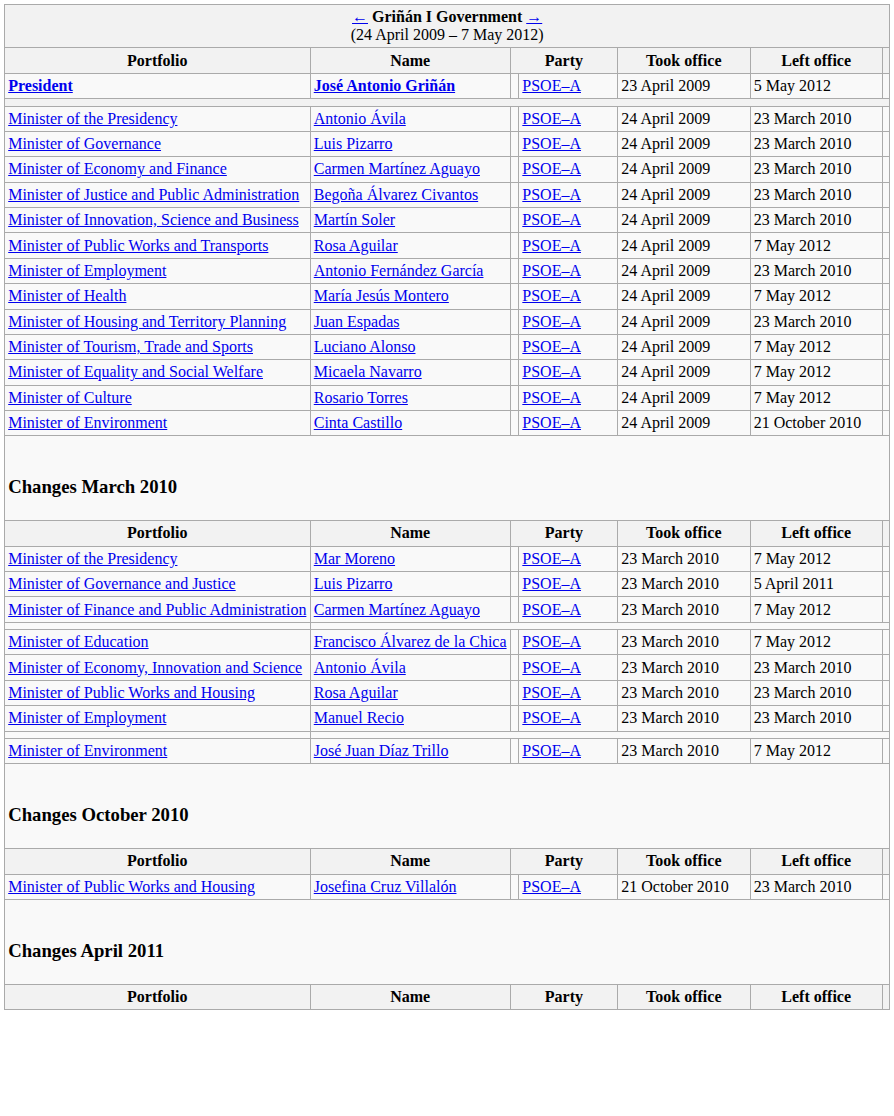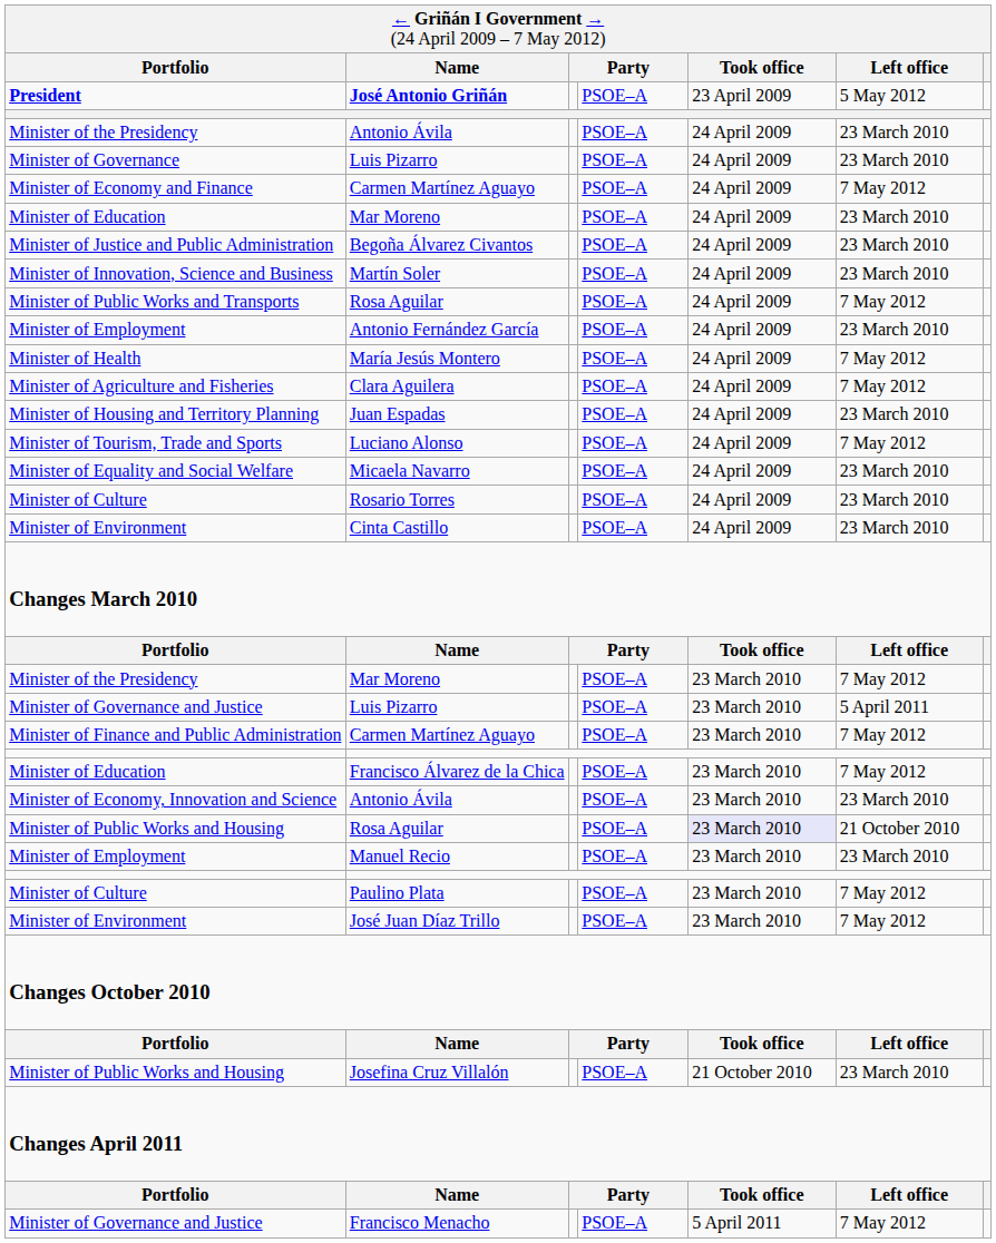 <table class="wikitable">
 <tr>
 <td colspan="7" bgcolor="#F2F2F2" align="center"><a href='#'>←</a> <strong>Griñán I Government</strong> <a href='#'>→</a><br>(24 April 2009 – 7 May 2012)</td>
 </tr>
 <tr>
 <th>Portfolio</th>
 <th>Name</th>
 <th width="100px" colspan="2">Party</th>
 <th width="125px">Took office</th>
 <th width="125px">Left office</th>
 <th></th>
 </tr>
 <tr>
 <td><strong><a href='#'>President</a></strong></td>
 <td><strong><a href='#'>José Antonio Griñán</a></strong></td>
 <td width="1" style="background-color:"></td>
 <td><a href='#'>PSOE–A</a></td>
 <td>23 April 2009</td>
 <td>5 May 2012</td>
 <td align="center"></td>
 </tr>
 <tr>
 <th colspan="7"></th>
 </tr>
 <tr>
 <td><a href='#'>Minister of the Presidency</a></td>
 <td><a href='#'>Antonio Ávila</a></td>
 <td style="background-color:"></td>
 <td><a href='#'>PSOE–A</a></td>
 <td>24 April 2009</td>
 <td>23 March 2010</td>
 <td align="center"></td>
 </tr>
 <tr>
 <td><a href='#'>Minister of Governance</a></td>
 <td><a href='#'>Luis Pizarro</a></td>
 <td style="background-color:"></td>
 <td><a href='#'>PSOE–A</a></td>
 <td>24 April 2009</td>
 <td>23 March 2010</td>
 <td align="center"></td>
 </tr>
 <tr>
 <td><a href='#'>Minister of Economy and Finance</a></td>
 <td><a href='#'>Carmen Martínez Aguayo</a></td>
+<td style="background-color:"></td>
+<td><a href='#'>PSOE–A</a></td>
+<td>24 April 2009</td>
+<td>7 May 2012</td>
+<td align="center"></td>
+</tr>
+<tr>
+<td><a href='#'>Minister of Education</a></td>
+<td><a href='#'>Mar Moreno</a></td>
 <td style="background-color:"></td>
 <td><a href='#'>PSOE–A</a></td>
 <td>24 April 2009</td>
 <td>23 March 2010</td>
 <td align="center"></td>
 </tr>
 <tr>
 <td><a href='#'>Minister of Justice and Public Administration</a></td>
 <td><a href='#'>Begoña Álvarez Civantos</a></td>
 <td style="background-color:"></td>
 <td><a href='#'>PSOE–A</a></td>
 <td>24 April 2009</td>
 <td>23 March 2010</td>
 <td align="center"></td>
 </tr>
 <tr>
 <td><a href='#'>Minister of Innovation, Science and Business</a></td>
 <td><a href='#'>Martín Soler</a></td>
 <td style="background-color:"></td>
 <td><a href='#'>PSOE–A</a></td>
 <td>24 April 2009</td>
 <td>23 March 2010</td>
 <td align="center"></td>
 </tr>
 <tr>
 <td><a href='#'>Minister of Public Works and Transports</a></td>
 <td><a href='#'>Rosa Aguilar</a></td>
 <td style="background-color:"></td>
 <td><a href='#'>PSOE–A</a> </td>
 <td>24 April 2009</td>
 <td>7 May 2012</td>
 <td align="center"></td>
 </tr>
 <tr>
 <td><a href='#'>Minister of Employment</a></td>
 <td><a href='#'>Antonio Fernández García</a></td>
 <td style="background-color:"></td>
 <td><a href='#'>PSOE–A</a></td>
 <td>24 April 2009</td>
 <td>23 March 2010</td>
 <td align="center"></td>
 </tr>
 <tr>
 <td><a href='#'>Minister of Health</a></td>
 <td><a href='#'>María Jesús Montero</a></td>
 <td style="background-color:"></td>
 <td><a href='#'>PSOE–A</a></td>
 <td>24 April 2009</td>
 <td>7 May 2012</td>
 <td align="center"></td>
 </tr>
 <tr>
+<td><a href='#'>Minister of Agriculture and Fisheries</a></td>
+<td><a href='#'>Clara Aguilera</a></td>
+<td style="background-color:"></td>
+<td><a href='#'>PSOE–A</a></td>
+<td>24 April 2009</td>
+<td>7 May 2012</td>
+<td align="center"></td>
+</tr>
+<tr>
 <td><a href='#'>Minister of Housing and Territory Planning</a></td>
 <td><a href='#'>Juan Espadas</a></td>
 <td style="background-color:"></td>
 <td><a href='#'>PSOE–A</a></td>
 <td>24 April 2009</td>
 <td>23 March 2010</td>
 <td align="center"></td>
 </tr>
 <tr>
 <td><a href='#'>Minister of Tourism, Trade and Sports</a></td>
 <td><a href='#'>Luciano Alonso</a></td>
 <td style="background-color:"></td>
 <td><a href='#'>PSOE–A</a></td>
 <td>24 April 2009</td>
 <td>7 May 2012</td>
 <td align="center"></td>
 </tr>
 <tr>
 <td><a href='#'>Minister of Equality and Social Welfare</a></td>
 <td><a href='#'>Micaela Navarro</a></td>
 <td style="background-color:"></td>
 <td><a href='#'>PSOE–A</a></td>
 <td>24 April 2009</td>
-<td>7 May 2012</td>
+<td>23 March 2010</td>
 <td align="center"></td>
 </tr>
 <tr>
 <td><a href='#'>Minister of Culture</a></td>
 <td><a href='#'>Rosario Torres</a></td>
 <td style="background-color:"></td>
 <td><a href='#'>PSOE–A</a></td>
 <td>24 April 2009</td>
-<td>7 May 2012</td>
+<td>23 March 2010</td>
 <td align="center"></td>
 </tr>
 <tr>
 <td><a href='#'>Minister of Environment</a></td>
 <td><a href='#'>Cinta Castillo</a></td>
 <td style="background-color:"></td>
 <td><a href='#'>PSOE–A</a></td>
 <td>24 April 2009</td>
-<td>21 October 2010</td>
+<td>23 March 2010</td>
 <td align="center"></td>
 </tr>
 <tr>
 <td colspan="7"><br><h3>Changes March 2010</h3></td>
 </tr>
 <tr>
 <th>Portfolio</th>
 <th>Name</th>
 <th colspan="2">Party</th>
 <th>Took office</th>
 <th>Left office</th>
 <th></th>
 </tr>
 <tr>
 <td><a href='#'>Minister of the Presidency</a></td>
 <td><a href='#'>Mar Moreno</a></td>
 <td style="background-color:"></td>
 <td><a href='#'>PSOE–A</a></td>
 <td>23 March 2010</td>
 <td>7 May 2012</td>
 <td align="center"></td>
 </tr>
 <tr>
 <td><a href='#'>Minister of Governance and Justice</a></td>
 <td><a href='#'>Luis Pizarro</a></td>
 <td style="background-color:"></td>
 <td><a href='#'>PSOE–A</a></td>
 <td>23 March 2010</td>
 <td>5 April 2011</td>
 <td align="center"></td>
 </tr>
 <tr>
 <td><a href='#'>Minister of Finance and Public Administration</a></td>
 <td><a href='#'>Carmen Martínez Aguayo</a></td>
 <td style="background-color:"></td>
 <td><a href='#'>PSOE–A</a></td>
 <td>23 March 2010</td>
 <td>7 May 2012</td>
 <td align="center"></td>
 </tr>
 <tr>
 <td></td>
 <td colspan="6"></td>
 </tr>
 <tr>
 <td><a href='#'>Minister of Education</a></td>
 <td><a href='#'>Francisco Álvarez de la Chica</a></td>
 <td style="background-color:"></td>
 <td><a href='#'>PSOE–A</a></td>
 <td>23 March 2010</td>
 <td>7 May 2012</td>
 <td align="center"></td>
 </tr>
 <tr>
 <td><a href='#'>Minister of Economy, Innovation and Science</a></td>
 <td><a href='#'>Antonio Ávila</a></td>
 <td style="background-color:"></td>
 <td><a href='#'>PSOE–A</a></td>
 <td>23 March 2010</td>
 <td>23 March 2010</td>
 <td align="center"></td>
 </tr>
 <tr>
 <td><a href='#'>Minister of Public Works and Housing</a></td>
 <td><a href='#'>Rosa Aguilar</a></td>
 <td style="background-color:"></td>
 <td><a href='#'>PSOE–A</a> </td>
-<td>23 March 2010</td>
-<td>23 March 2010</td>
+<td style="background: lavender;">23 March 2010</td>
+<td>21 October 2010</td>
 <td align="center"></td>
 </tr>
 <tr>
 <td><a href='#'>Minister of Employment</a></td>
 <td><a href='#'>Manuel Recio</a></td>
 <td style="background-color:"></td>
 <td><a href='#'>PSOE–A</a></td>
 <td>23 March 2010</td>
 <td>23 March 2010</td>
 <td align="center"></td>
 </tr>
 <tr>
 <td></td>
 <td colspan="6"></td>
+</tr>
+<tr>
+<td><a href='#'>Minister of Culture</a></td>
+<td><a href='#'>Paulino Plata</a></td>
+<td style="background-color:"></td>
+<td><a href='#'>PSOE–A</a></td>
+<td>23 March 2010</td>
+<td>7 May 2012</td>
+<td align="center"></td>
 </tr>
 <tr>
 <td><a href='#'>Minister of Environment</a></td>
 <td><a href='#'>José Juan Díaz Trillo</a></td>
 <td style="background-color:"></td>
 <td><a href='#'>PSOE–A</a></td>
 <td>23 March 2010</td>
 <td>7 May 2012</td>
 <td align="center"></td>
 </tr>
 <tr>
 <td colspan="7"><br><h3>Changes October 2010</h3></td>
 </tr>
 <tr>
 <th>Portfolio</th>
 <th>Name</th>
 <th colspan="2">Party</th>
 <th>Took office</th>
 <th>Left office</th>
 <th></th>
 </tr>
 <tr>
 <td><a href='#'>Minister of Public Works and Housing</a></td>
 <td><a href='#'>Josefina Cruz Villalón</a></td>
 <td style="background-color:"></td>
 <td><a href='#'>PSOE–A</a></td>
 <td>21 October 2010</td>
 <td>23 March 2010</td>
 <td align="center"></td>
 </tr>
 <tr>
 <td colspan="7"><br><h3>Changes April 2011</h3></td>
 </tr>
 <tr>
 <th>Portfolio</th>
 <th>Name</th>
 <th colspan="2">Party</th>
 <th>Took office</th>
 <th>Left office</th>
 <th></th>
 </tr>
 <tr>
+<td><a href='#'>Minister of Governance and Justice</a></td>
+<td><a href='#'>Francisco Menacho</a></td>
+<td style="background-color:"></td>
+<td><a href='#'>PSOE–A</a></td>
+<td>5 April 2011</td>
+<td>7 May 2012</td>
+<td align="center"></td>
+</tr>
+<tr>
 </tr>
 </table>
